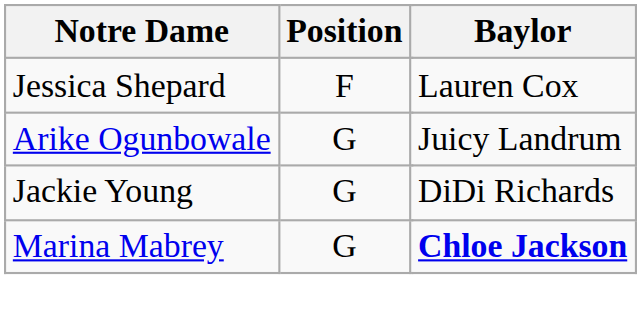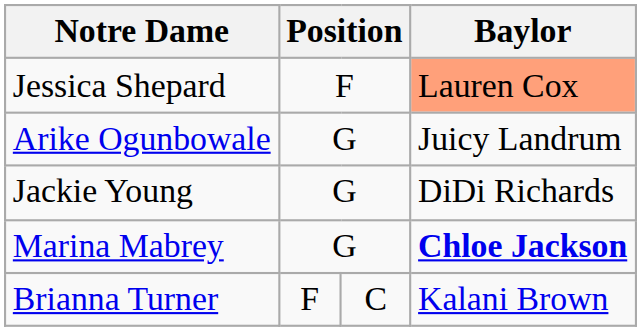 <table class="wikitable">
 <tr>
 <th>Notre Dame</th>
 <th colspan="2">Position</th>
 <th>Baylor</th>
 </tr>
 <tr>
 <td>Jessica Shepard</td>
 <td colspan=2 style="text-align:center">F</td>
-<td>Lauren Cox</td>
+<td style="background: lightsalmon;">Lauren Cox</td>
 </tr>
 <tr>
 <td><a href='#'>Arike Ogunbowale</a></td>
 <td colspan=2 style="text-align:center">G</td>
 <td>Juicy Landrum</td>
 </tr>
 <tr>
 <td>Jackie Young</td>
 <td colspan=2 style="text-align:center">G</td>
 <td>DiDi Richards</td>
 </tr>
 <tr>
 <td><a href='#'>Marina Mabrey</a></td>
 <td colspan=2 style="text-align:center">G</td>
 <td><strong><a href='#'>Chloe Jackson</a></strong></td>
 </tr>
+<tr>
+<td><a href='#'>Brianna Turner</a></td>
+<td style="text-align:center">F</td>
+<td style="text-align:center">C</td>
+<td><a href='#'>Kalani Brown</a></td>
+</tr>
 </table>
